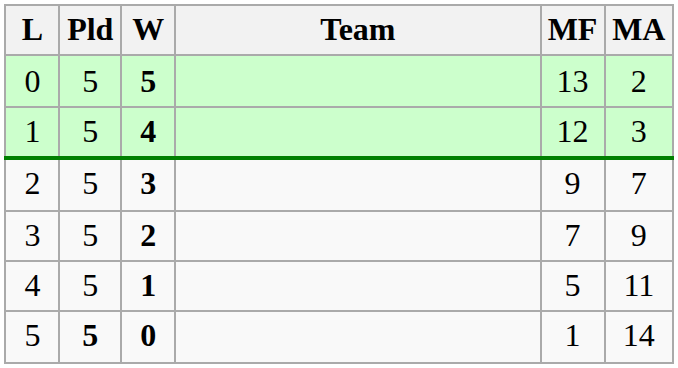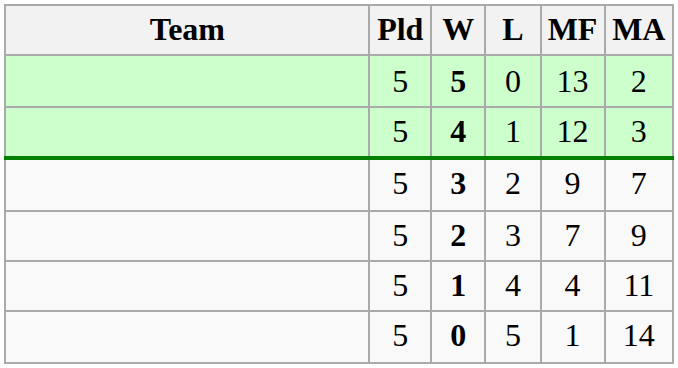 <table class=wikitable style="text-align:center">
 <tr>
-<th width=20>L</th>
+<th width=175>Team</th>
 <th width=20>Pld</th>
 <th width=20>W</th>
-<th width=175>Team</th>
+<th width=20>L</th>
 <th width=20>MF</th>
 <th width=20>MA</th>
 </tr>
 <tr bgcolor=ccffcc>
-<td>0</td>
+<td style="text-align:left"></td>
 <td>5</td>
 <td><strong>5</strong></td>
-<td style="text-align:left"></td>
+<td>0</td>
 <td>13</td>
 <td>2</td>
 </tr>
 <tr bgcolor=ccffcc style="border-bottom:2px solid green;">
-<td>1</td>
+<td style="text-align:left"></td>
 <td>5</td>
 <td><strong>4</strong></td>
-<td style="text-align:left"></td>
+<td>1</td>
 <td>12</td>
 <td>3</td>
 </tr>
 <tr>
-<td>2</td>
+<td style="text-align:left"></td>
 <td>5</td>
 <td><strong>3</strong></td>
-<td style="text-align:left"></td>
+<td>2</td>
 <td>9</td>
 <td>7</td>
 </tr>
 <tr>
-<td>3</td>
+<td style="text-align:left"></td>
 <td>5</td>
 <td><strong>2</strong></td>
-<td style="text-align:left"></td>
+<td>3</td>
 <td>7</td>
 <td>9</td>
 </tr>
 <tr>
-<td>4</td>
+<td style="text-align:left"></td>
 <td>5</td>
 <td><strong>1</strong></td>
-<td style="text-align:left"></td>
-<td>5</td>
+<td>4</td>
+<td>4</td>
 <td>11</td>
 </tr>
 <tr>
+<td style="text-align:left"></td>
 <td>5</td>
-<td><strong>5</strong></td>
 <td><strong>0</strong></td>
-<td style="text-align:left"></td>
+<td>5</td>
 <td>1</td>
 <td>14</td>
 </tr>
 </table>
